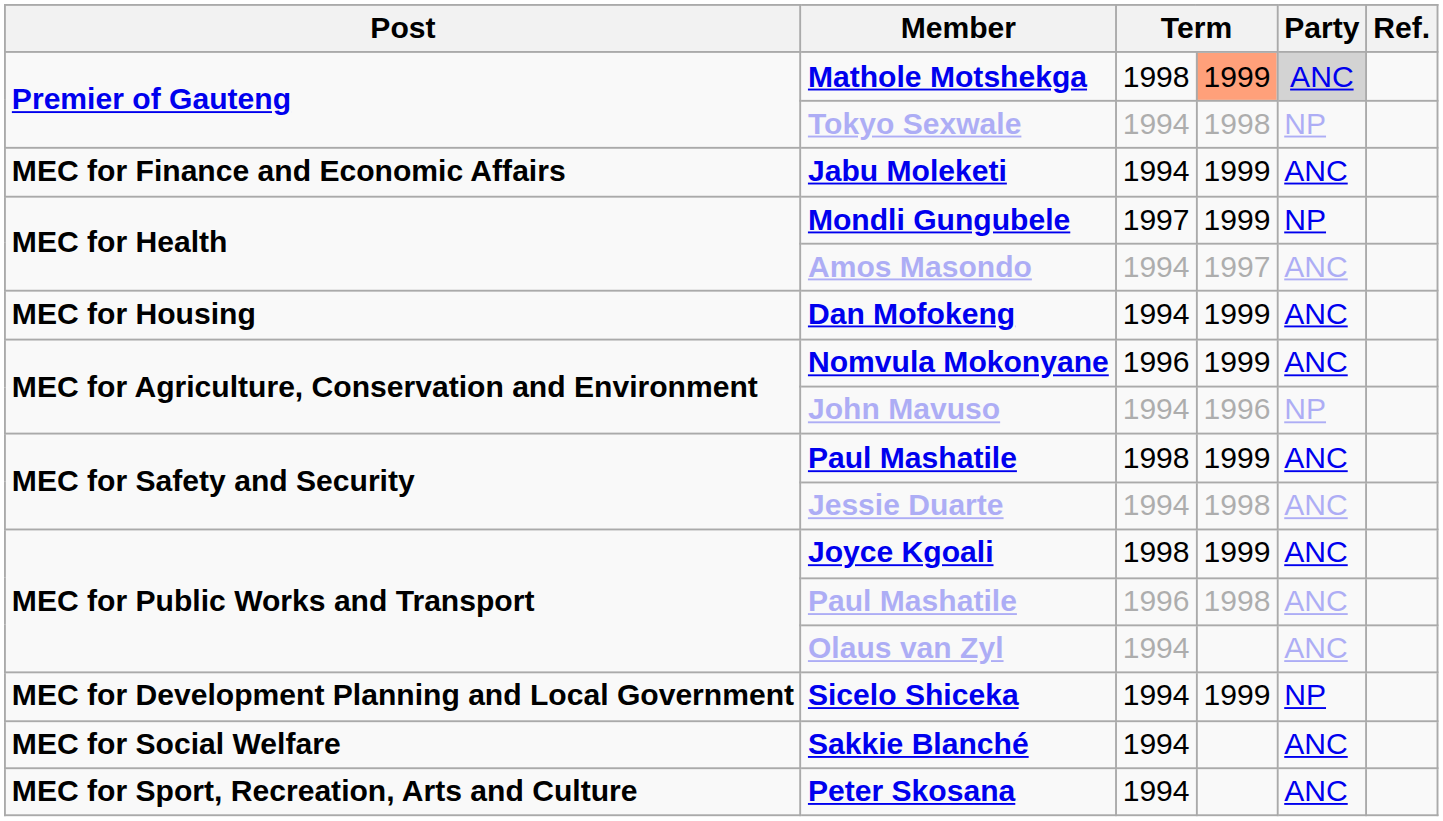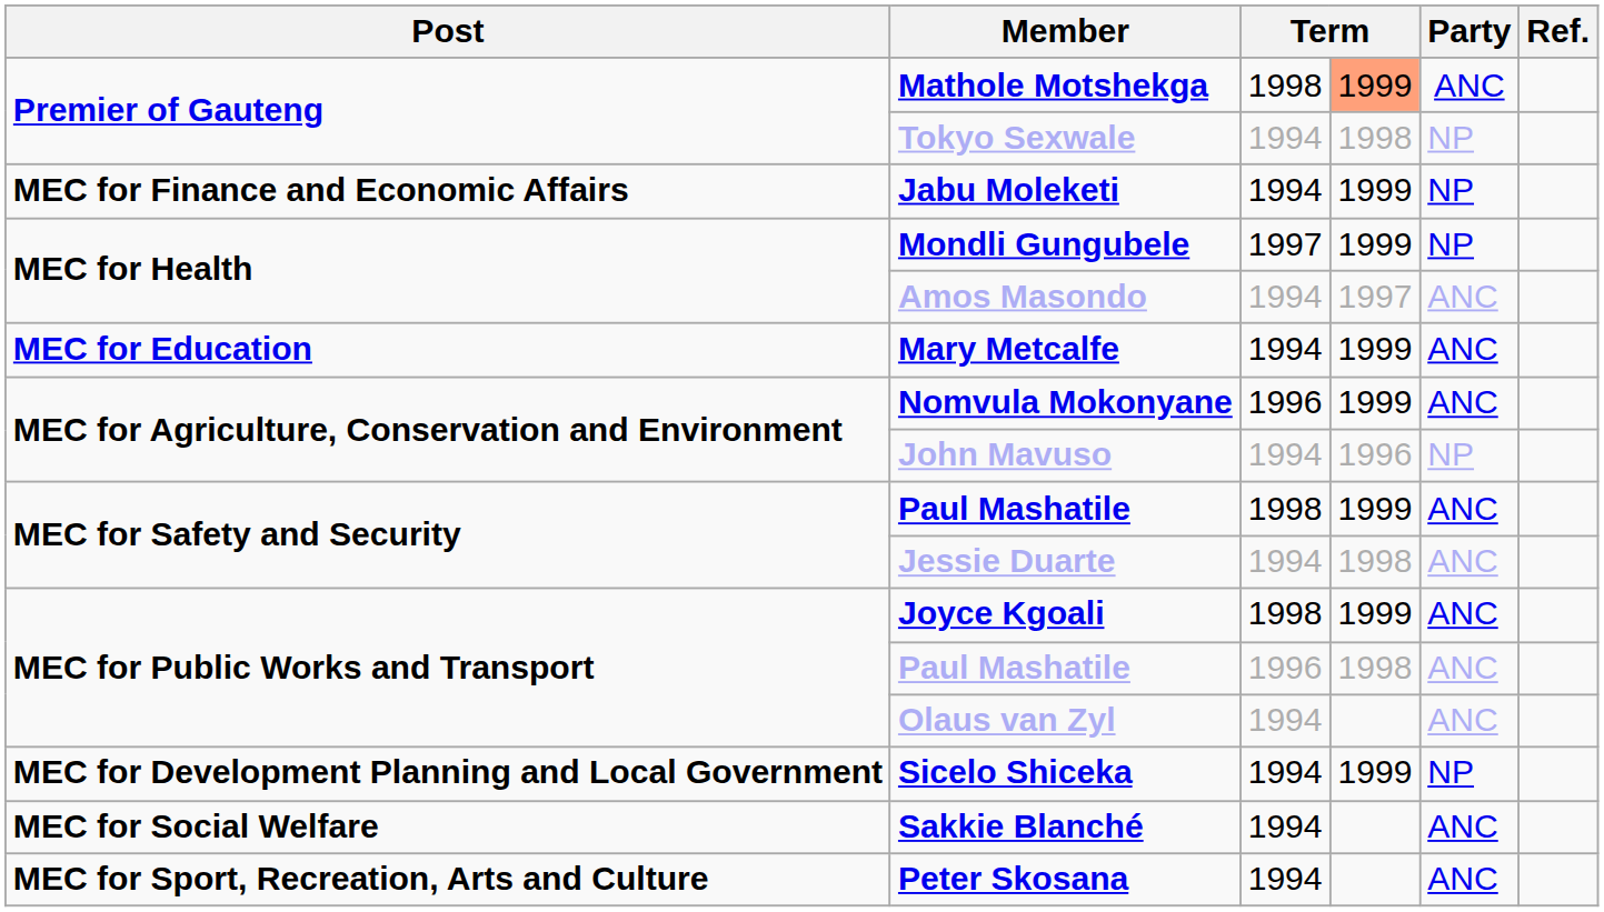 <table class="wikitable collapsible">
 <tr>
 <th>Post</th>
 <th>Member</th>
 <th colspan="2">Term</th>
 <th>Party</th>
 <th>Ref.</th>
 </tr>
 <tr>
 <td rowspan="2"><strong><a href='#'>Premier of Gauteng</a></strong></td>
 <td><strong><a href='#'>Mathole Motshekga</a></strong></td>
 <td>1998</td>
 <td style="background: lightsalmon;">1999</td>
-<td align="center" style="background: lightgrey;"><a href='#'>ANC</a></td>
+<td align="center"><a href='#'>ANC</a></td>
 <td></td>
 </tr>
 <tr style="opacity:.3;">
 <td><strong><a href='#'>Tokyo Sexwale</a></strong></td>
 <td>1994</td>
 <td>1998</td>
 <td><a href='#'>NP</a></td>
 <td></td>
 </tr>
 <tr>
 <td><strong>MEC for Finance and Economic Affairs</strong></td>
 <td><strong><a href='#'>Jabu Moleketi</a></strong></td>
 <td>1994</td>
 <td>1999</td>
-<td><a href='#'>ANC</a></td>
+<td><a href='#'>NP</a></td>
 <td></td>
 </tr>
 <tr>
 <td rowspan="2"><strong>MEC for Health</strong></td>
 <td><strong><a href='#'>Mondli Gungubele</a></strong></td>
 <td>1997</td>
 <td>1999</td>
 <td><a href='#'>NP</a></td>
 <td></td>
 </tr>
 <tr style="opacity:.3;">
 <td><strong><a href='#'>Amos Masondo</a></strong></td>
 <td>1994</td>
 <td>1997</td>
 <td><a href='#'>ANC</a></td>
 <td></td>
 </tr>
 <tr>
-<td><strong>MEC for Housing</strong></td>
-<td><strong><a href='#'>Dan Mofokeng</a></strong></td>
+<td><a href='#'><strong>MEC for Education</strong></a></td>
+<td><strong><a href='#'>Mary Metcalfe</a></strong></td>
 <td>1994</td>
 <td>1999</td>
 <td><a href='#'>ANC</a></td>
 <td></td>
 </tr>
 <tr>
 <td rowspan="2"><strong>MEC for Agriculture, Conservation and Environment</strong></td>
 <td><strong><a href='#'>Nomvula Mokonyane</a></strong></td>
 <td>1996</td>
 <td>1999</td>
 <td><a href='#'>ANC</a></td>
 <td></td>
 </tr>
 <tr style="opacity:.3;">
 <td><strong><a href='#'>John Mavuso</a></strong></td>
 <td>1994</td>
 <td>1996</td>
 <td><a href='#'>NP</a></td>
 <td></td>
 </tr>
 <tr>
 <td rowspan="2"><strong>MEC for Safety and Security</strong></td>
 <td><strong><a href='#'>Paul Mashatile</a></strong></td>
 <td>1998</td>
 <td>1999</td>
 <td><a href='#'>ANC</a></td>
 <td></td>
 </tr>
 <tr style="opacity:.3;">
 <td><strong><a href='#'>Jessie Duarte</a></strong></td>
 <td>1994</td>
 <td>1998</td>
 <td><a href='#'>ANC</a></td>
 <td></td>
 </tr>
 <tr>
 <td rowspan="3"><strong>MEC for Public Works and Transport</strong></td>
 <td><strong><a href='#'>Joyce Kgoali</a></strong></td>
 <td>1998</td>
 <td>1999</td>
 <td><a href='#'>ANC</a></td>
 <td></td>
 </tr>
 <tr style="opacity:.3;">
 <td><strong><a href='#'>Paul Mashatile</a></strong></td>
 <td>1996</td>
 <td>1998</td>
 <td><a href='#'>ANC</a></td>
 <td></td>
 </tr>
 <tr style="opacity:.3;">
 <td><strong><a href='#'>Olaus van Zyl</a></strong></td>
 <td>1994</td>
 <td></td>
 <td><a href='#'>ANC</a></td>
 <td></td>
 </tr>
 <tr>
 <td><strong>MEC for Development Planning and Local Government</strong></td>
 <td><strong><a href='#'>Sicelo Shiceka</a></strong></td>
 <td>1994</td>
 <td>1999</td>
 <td><a href='#'>NP</a></td>
 <td></td>
 </tr>
 <tr>
 <td><strong>MEC for Social Welfare</strong></td>
 <td><strong><a href='#'>Sakkie Blanché</a></strong></td>
 <td>1994</td>
 <td></td>
 <td><a href='#'>ANC</a></td>
 <td></td>
 </tr>
 <tr>
 <td><strong>MEC for Sport, Recreation, Arts and Culture</strong></td>
 <td><strong><a href='#'>Peter Skosana</a></strong></td>
 <td>1994</td>
 <td></td>
 <td><a href='#'>ANC</a></td>
 <td></td>
 </tr>
 </table>
